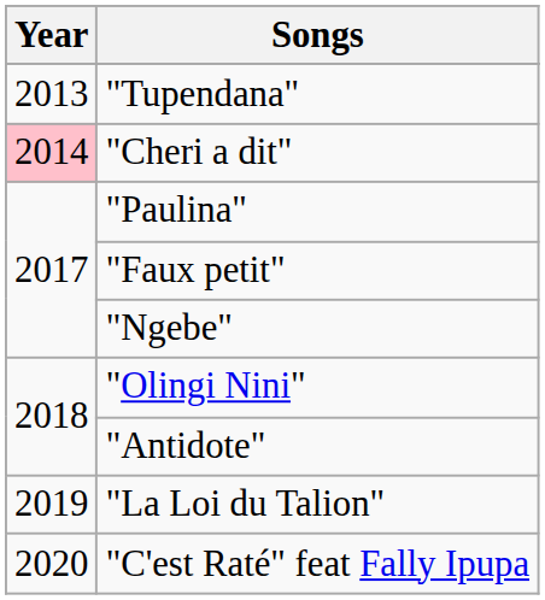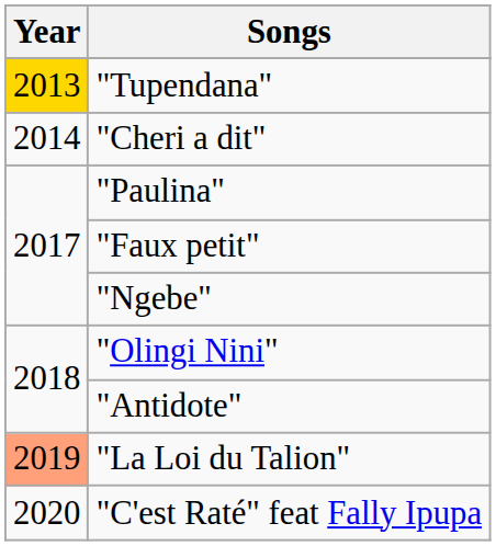 <table class="wikitable">
 <tr>
 <th>Year</th>
 <th>Songs</th>
 </tr>
 <tr>
 </tr>
 <tr>
-<td>2013</td>
+<td style="background: gold;">2013</td>
 <td>"Tupendana"</td>
 </tr>
 <tr>
-<td style="background: pink;">2014</td>
+<td>2014</td>
 <td>"Cheri a dit"</td>
 </tr>
 <tr>
 <td rowspan="3">2017</td>
 <td>"Paulina"</td>
 </tr>
 <tr>
 <td>"Faux petit"</td>
 </tr>
 <tr>
 <td>"Ngebe"</td>
 </tr>
 <tr>
 <td rowspan="2">2018</td>
 <td>"<a href='#'>Olingi Nini</a>"</td>
 </tr>
 <tr>
 <td>"Antidote"</td>
 </tr>
 <tr>
-<td>2019</td>
+<td style="background: lightsalmon;">2019</td>
 <td>"La Loi du Talion"</td>
 </tr>
 <tr>
 <td>2020</td>
 <td>"C'est Raté" feat <a href='#'>Fally Ipupa</a></td>
 </tr>
 </table>
